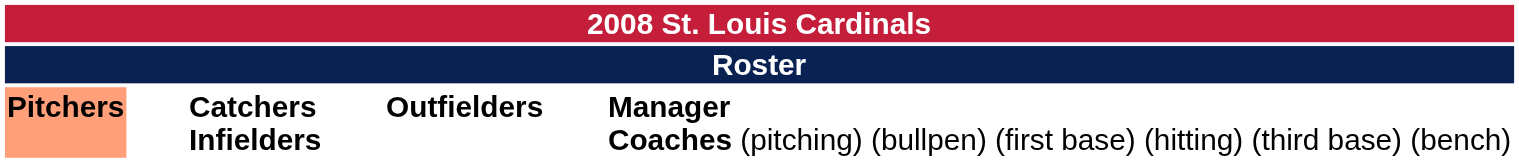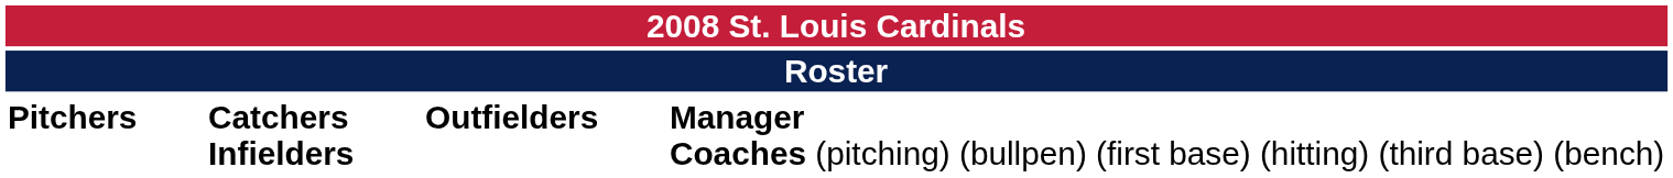 <table class="toccolours" style="font-size: 95%;">
 <tr>
 <th colspan="10" style="background:#c41e3a; color:#fff; text-align:center;">2008 St. Louis Cardinals</th>
 </tr>
 <tr>
 <td colspan="10" style="background:#0a2252; color:#fff; text-align:center;"><strong>Roster</strong></td>
 </tr>
 <tr>
-<td valign="top" style="background: lightsalmon;"><strong>Pitchers</strong><br>                      </td>
+<td valign="top"><strong>Pitchers</strong><br>                      </td>
 <td style="width:25px;"></td>
 <td valign="top"><strong>Catchers</strong><br>   <strong>Infielders</strong>          </td>
 <td style="width:25px;"></td>
 <td valign="top"><strong>Outfielders</strong><br>      </td>
 <td style="width:25px;"></td>
 <td valign="top"><strong>Manager</strong><br> <strong>Coaches</strong>  (pitching)  (bullpen)  (first base)  (hitting)  (third base)  (bench)</td>
 </tr>
 </table>
